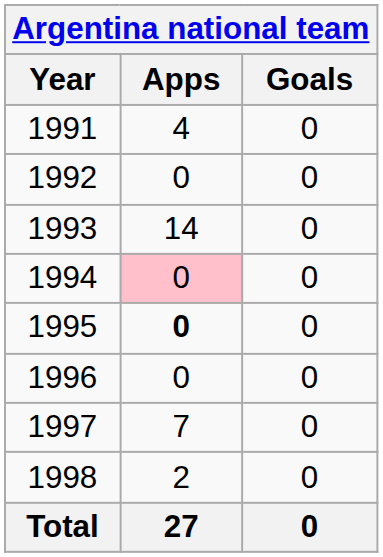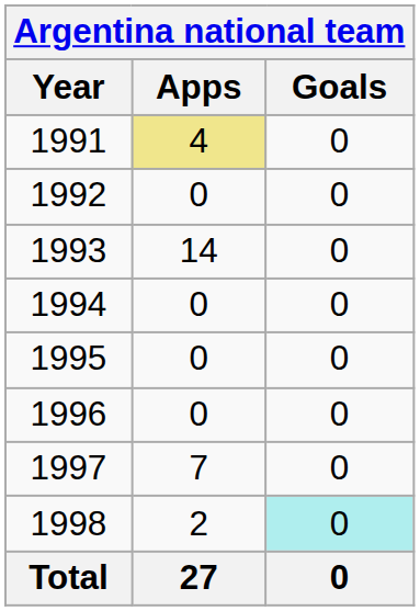 <table class="wikitable" style="text-align:center">
 <tr>
 <th colspan=3><a href='#'>Argentina national team</a></th>
 </tr>
 <tr>
 <th>Year</th>
 <th>Apps</th>
 <th>Goals</th>
 </tr>
 <tr>
 <td>1991</td>
-<td>4</td>
+<td style="background: khaki;">4</td>
 <td>0</td>
 </tr>
 <tr>
 <td>1992</td>
 <td>0</td>
 <td>0</td>
 </tr>
 <tr>
 <td>1993</td>
 <td>14</td>
 <td>0</td>
 </tr>
 <tr>
 <td>1994</td>
-<td style="background: pink;">0</td>
+<td>0</td>
 <td>0</td>
 </tr>
 <tr>
 <td>1995</td>
-<td><strong>0</strong></td>
+<td>0</td>
 <td>0</td>
 </tr>
 <tr>
 <td>1996</td>
 <td>0</td>
 <td>0</td>
 </tr>
 <tr>
 <td>1997</td>
 <td>7</td>
 <td>0</td>
 </tr>
 <tr>
 <td>1998</td>
 <td>2</td>
-<td>0</td>
+<td style="background: paleturquoise;">0</td>
 </tr>
 <tr>
 <th>Total</th>
 <th>27</th>
 <th>0</th>
 </tr>
 </table>
